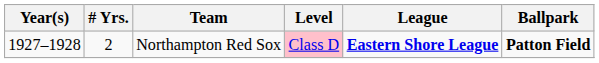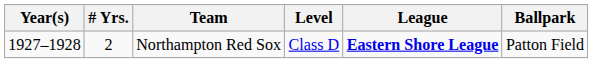 <table class="wikitable" style="text-align:center; font-size: 95%;">
 <tr>
 <th>Year(s)</th>
 <th># Yrs.</th>
 <th>Team</th>
 <th>Level</th>
 <th>League</th>
 <th>Ballpark</th>
 </tr>
 <tr>
 <td>1927–1928</td>
 <td>2</td>
 <td>Northampton Red Sox</td>
-<td style="background: pink;"><a href='#'>Class D</a></td>
+<td><a href='#'>Class D</a></td>
 <td><strong><a href='#'>Eastern Shore League</a></strong></td>
-<td><strong>Patton Field</strong></td>
+<td>Patton Field</td>
 </tr>
 <tr>
 </tr>
 </table>
